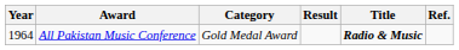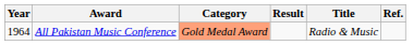 <table class="wikitable">
 <tr>
 <th>Year</th>
 <th>Award</th>
 <th>Category</th>
 <th>Result</th>
 <th>Title</th>
 <th>Ref.</th>
 </tr>
 <tr>
 <td>1964</td>
 <td><em><a href='#'>All Pakistan Music Conference</a></em></td>
-<td><em>Gold Medal Award</em></td>
+<td style="background: lightsalmon;"><em>Gold Medal Award</em></td>
 <td></td>
-<td><strong><em>Radio & Music</em></strong></td>
+<td><em>Radio & Music</em></td>
 <td></td>
 </tr>
 </table>
